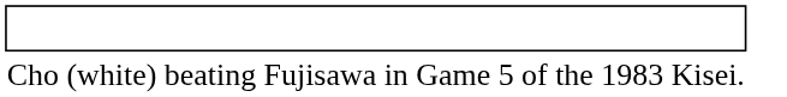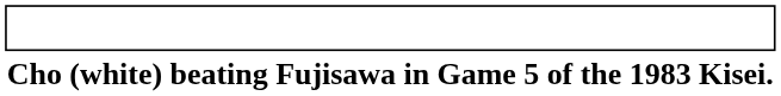 <table style="margin:1em;">
 <tr>
 <td style="border: solid thin; padding: 2px;"><br></td>
 </tr>
 <tr>
-<td style="text-align:center">Cho (white) beating Fujisawa in Game 5 of the 1983 Kisei.</td>
+<td style="text-align:center"><strong>Cho (white) beating Fujisawa in Game 5 of the 1983 Kisei.</strong></td>
 </tr>
 </table>
